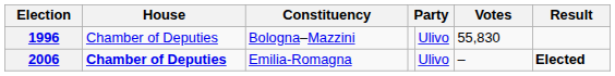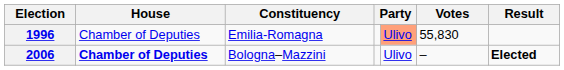 <table class=wikitable style="width:55%; border:1px #AAAAFF solid">
 <tr>
 <th width=12%>Election</th>
 <th width=25%>House</th>
 <th width=25%>Constituency</th>
 <th width=5% colspan="2">Party</th>
 <th width=12%>Votes</th>
 <th width=12%>Result</th>
 </tr>
 <tr>
 <th><a href='#'>1996</a></th>
 <td><a href='#'>Chamber of Deputies</a></td>
-<td><a href='#'>Bologna</a>–<a href='#'>Mazzini</a></td>
+<td><a href='#'>Emilia-Romagna</a></td>
 <td></td>
-<td><a href='#'>Ulivo</a></td>
+<td style="background: lightsalmon;"><a href='#'>Ulivo</a></td>
 <td>55,830</td>
 <td></td>
 </tr>
 <tr>
 <th><a href='#'>2006</a></th>
 <td><strong><a href='#'>Chamber of Deputies</a></strong></td>
-<td><a href='#'>Emilia-Romagna</a></td>
+<td><a href='#'>Bologna</a>–<a href='#'>Mazzini</a></td>
 <td></td>
 <td><a href='#'>Ulivo</a></td>
 <td>–</td>
 <td> <strong>Elected</strong></td>
 </tr>
 </table>
